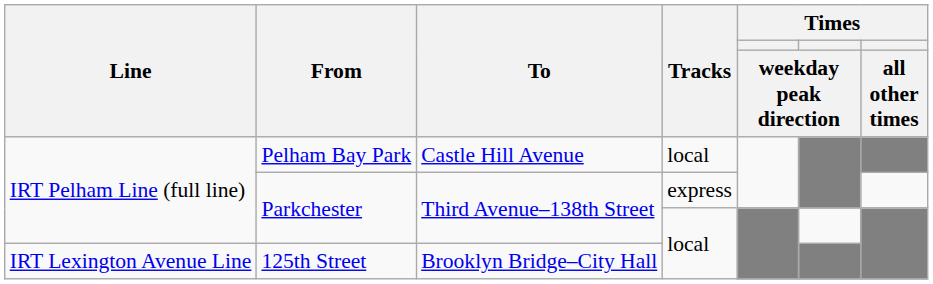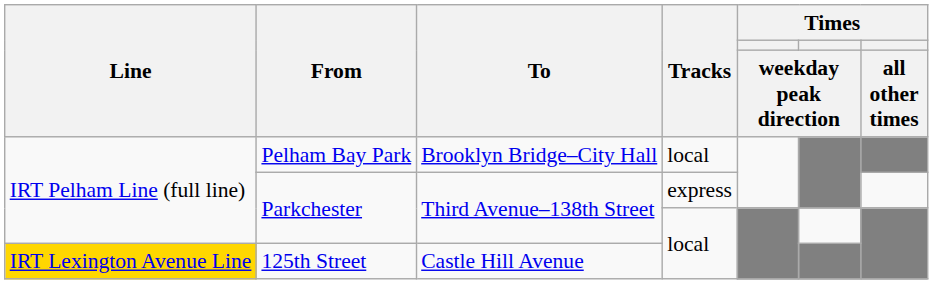 <table class="wikitable collapsible" style="font-size:95%">
 <tr>
 <th rowspan=3>Line</th>
 <th rowspan=3>From</th>
 <th rowspan=3>To</th>
 <th rowspan=3>Tracks</th>
 <th colspan=3>Times</th>
 </tr>
 <tr>
 <th align=center></th>
 <th align=center></th>
 <th align=center></th>
 </tr>
 <tr>
 <th colspan=2 width=80>weekday peak direction</th>
 <th width=40>all other times</th>
 </tr>
 <tr>
 <td rowspan=3><a href='#'>IRT Pelham Line</a> (full line)</td>
 <td><a href='#'>Pelham Bay Park</a></td>
-<td><a href='#'>Castle Hill Avenue</a></td>
+<td><a href='#'>Brooklyn Bridge–City Hall</a></td>
 <td>local</td>
 <td rowspan=2> </td>
 <td rowspan=2 style="background:gray"> </td>
 <td style="background:gray"> </td>
 </tr>
 <tr>
 <td rowspan=2><a href='#'>Parkchester</a></td>
 <td rowspan=2><a href='#'>Third Avenue–138th Street</a></td>
 <td>express</td>
 <td> </td>
 </tr>
 <tr>
 <td rowspan=2>local</td>
 <td rowspan=2 style="background:gray"> </td>
 <td> </td>
 <td rowspan=2 style="background:gray"> </td>
 </tr>
 <tr>
-<td><a href='#'>IRT Lexington Avenue Line</a></td>
+<td style="background: gold;"><a href='#'>IRT Lexington Avenue Line</a></td>
 <td><a href='#'>125th Street</a></td>
-<td><a href='#'>Brooklyn Bridge–City Hall</a></td>
+<td><a href='#'>Castle Hill Avenue</a></td>
 <td style="background:gray"> </td>
 </tr>
 </table>
